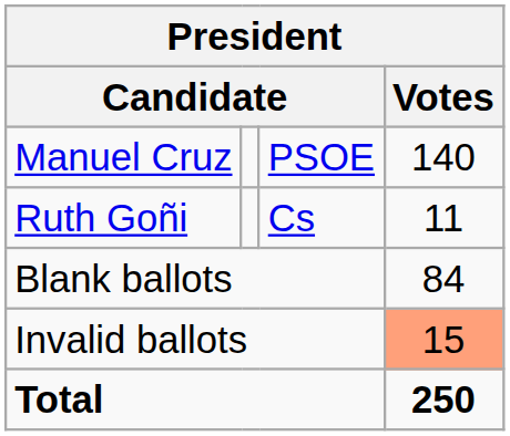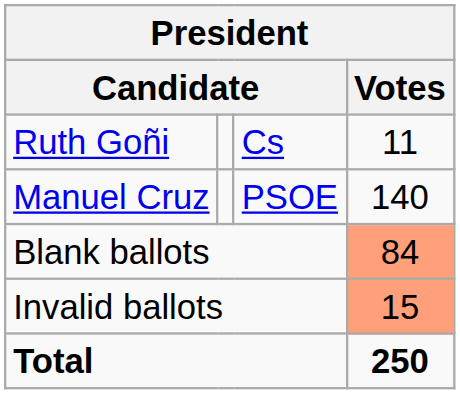 <table class="wikitable" style="font-size:95%; text-align:center;">
 <tr>
 <th colspan="4">President</th>
 </tr>
 <tr>
 <th colspan="3">Candidate</th>
 <th>Votes</th>
 </tr>
 <tr>
+<td align="left"> <a href='#'>Ruth Goñi</a></td>
+<td style="background:"></td>
+<td align="left"><a href='#'>Cs</a></td>
+<td>11</td>
+</tr>
+<tr>
 <td align="left"> <a href='#'>Manuel Cruz</a></td>
 <td style="background:"></td>
 <td align="left"><a href='#'>PSOE</a></td>
 <td>140</td>
 </tr>
 <tr>
-<td align="left"> <a href='#'>Ruth Goñi</a></td>
-<td style="background:"></td>
-<td align="left"><a href='#'>Cs</a></td>
-<td>11</td>
-</tr>
-<tr>
 <td align=left colspan="3">Blank ballots</td>
-<td>84</td>
+<td style="background: lightsalmon;">84</td>
 </tr>
 <tr>
 <td align=left colspan="3">Invalid ballots</td>
 <td style="background: lightsalmon;">15</td>
 </tr>
 <tr style="font-weight:bold">
 <td align=left colspan="3">Total</td>
 <td>250</td>
 </tr>
 </table>
